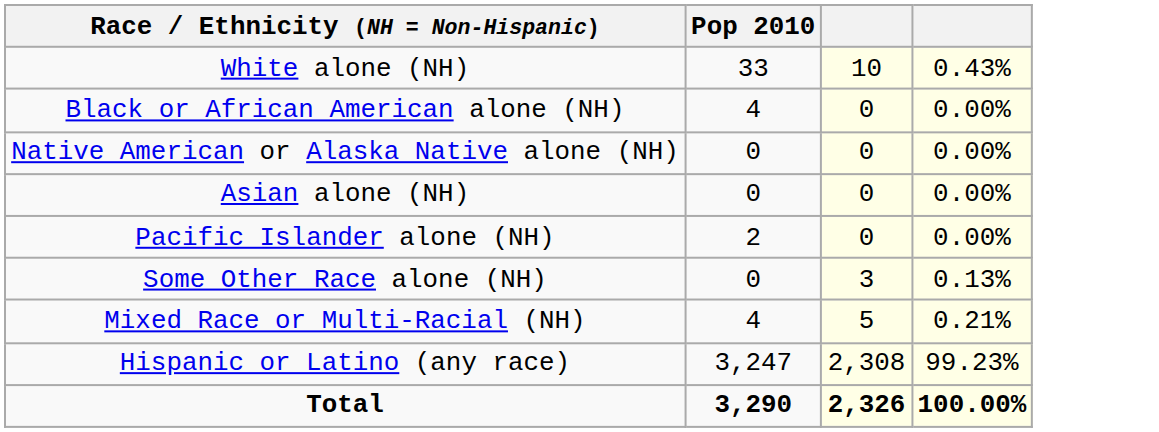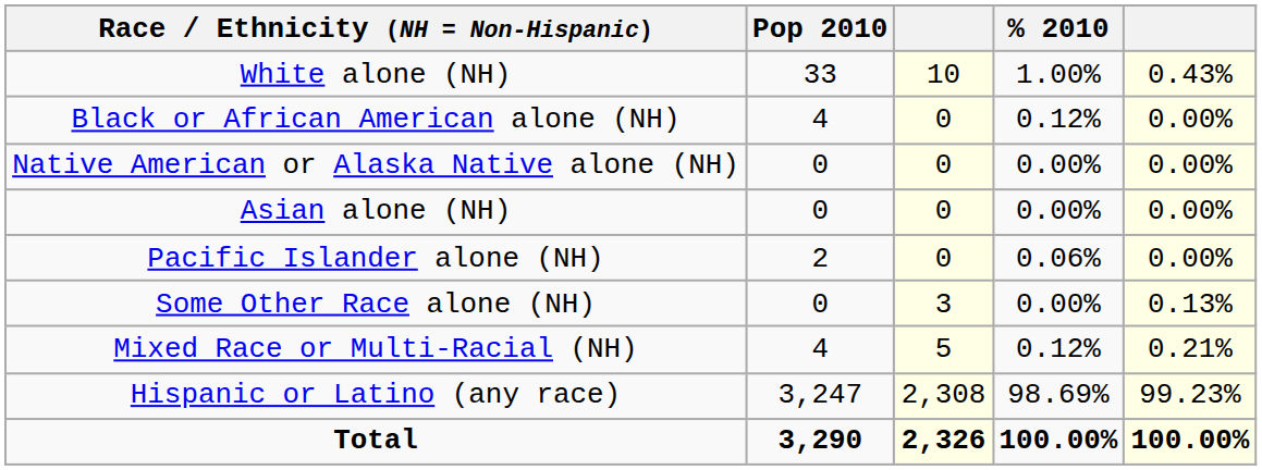 <table class="wikitable" style="text-align:center;">
 <tr>
 <th>Race / Ethnicity <small>(<em>NH = Non-Hispanic</em>)</small></th>
 <th>Pop 2010</th>
 <th></th>
+<th>% 2010</th>
 <th></th>
 </tr>
 <tr>
 <td><a href='#'>White</a> alone (NH)</td>
 <td>33</td>
 <td style='background: #ffffe6;'>10</td>
+<td>1.00%</td>
 <td style='background: #ffffe6;'>0.43%</td>
 </tr>
 <tr>
 <td><a href='#'>Black or African American</a> alone (NH)</td>
 <td>4</td>
 <td style='background: #ffffe6;'>0</td>
+<td>0.12%</td>
 <td style='background: #ffffe6;'>0.00%</td>
 </tr>
 <tr>
 <td><a href='#'>Native American</a> or <a href='#'>Alaska Native</a> alone (NH)</td>
 <td>0</td>
 <td style='background: #ffffe6;'>0</td>
+<td>0.00%</td>
 <td style='background: #ffffe6;'>0.00%</td>
 </tr>
 <tr>
 <td><a href='#'>Asian</a> alone (NH)</td>
 <td>0</td>
 <td style='background: #ffffe6;'>0</td>
+<td>0.00%</td>
 <td style='background: #ffffe6;'>0.00%</td>
 </tr>
 <tr>
 <td><a href='#'>Pacific Islander</a> alone (NH)</td>
 <td>2</td>
 <td style='background: #ffffe6;'>0</td>
+<td>0.06%</td>
 <td style='background: #ffffe6;'>0.00%</td>
 </tr>
 <tr>
 <td><a href='#'>Some Other Race</a> alone (NH)</td>
 <td>0</td>
 <td style='background: #ffffe6;'>3</td>
+<td>0.00%</td>
 <td style='background: #ffffe6;'>0.13%</td>
 </tr>
 <tr>
 <td><a href='#'>Mixed Race or Multi-Racial</a> (NH)</td>
 <td>4</td>
 <td style='background: #ffffe6;'>5</td>
+<td>0.12%</td>
 <td style='background: #ffffe6;'>0.21%</td>
 </tr>
 <tr>
 <td><a href='#'>Hispanic or Latino</a> (any race)</td>
 <td>3,247</td>
 <td style='background: #ffffe6;'>2,308</td>
+<td>98.69%</td>
 <td style='background: #ffffe6;'>99.23%</td>
 </tr>
 <tr>
 <td><strong>Total</strong></td>
 <td><strong>3,290</strong></td>
 <td style='background: #ffffe6;'><strong>2,326</strong></td>
+<td><strong>100.00%</strong></td>
 <td style='background: #ffffe6;'><strong>100.00%</strong></td>
 </tr>
 </table>
